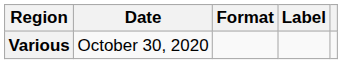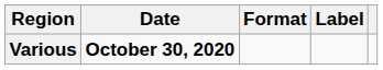 <table class="wikitable sortable plainrowheaders">
 <tr>
 <th scope="col">Region</th>
 <th scope="col">Date</th>
 <th scope="col">Format</th>
 <th scope="col">Label</th>
 <th scope="col"></th>
 </tr>
 <tr>
 <th scope="row" rowspan="2">Various</th>
-<td>October 30, 2020</td>
+<td><strong>October 30, 2020</strong></td>
 <td></td>
 <td rowspan="2"></td>
 <td align="center" rowspan="2"></td>
 </tr>
 </table>
